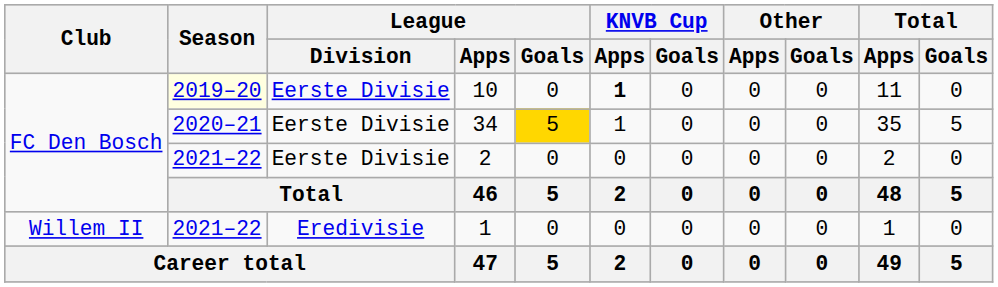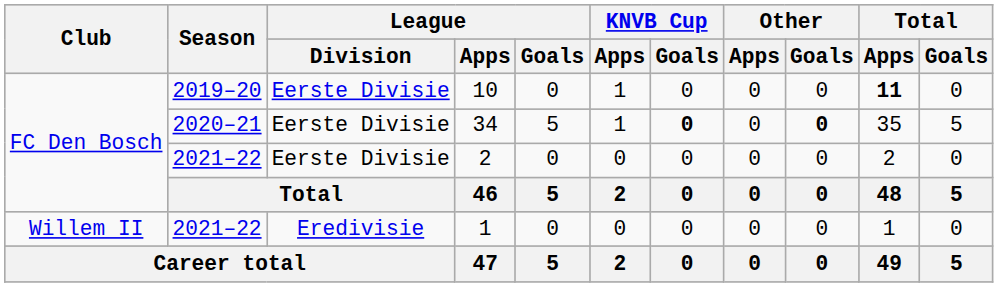 <table class="wikitable" style="text-align: center">
 <tr>
 <th rowspan="2">Club</th>
 <th rowspan="2">Season</th>
 <th colspan="3">League</th>
 <th colspan="2"><a href='#'>KNVB Cup</a></th>
 <th colspan="2">Other</th>
 <th colspan="2">Total</th>
 </tr>
 <tr>
 <th>Division</th>
 <th>Apps</th>
 <th>Goals</th>
 <th>Apps</th>
 <th>Goals</th>
 <th>Apps</th>
 <th>Goals</th>
 <th>Apps</th>
 <th>Goals</th>
 </tr>
 <tr>
 <td rowspan="4"><a href='#'>FC Den Bosch</a></td>
-<td style="background: lightyellow;"><a href='#'>2019–20</a></td>
+<td><a href='#'>2019–20</a></td>
 <td><a href='#'>Eerste Divisie</a></td>
 <td>10</td>
 <td>0</td>
-<td><strong>1</strong></td>
+<td>1</td>
 <td>0</td>
 <td>0</td>
 <td>0</td>
-<td>11</td>
+<td><strong>11</strong></td>
 <td>0</td>
 </tr>
 <tr>
 <td><a href='#'>2020–21</a></td>
 <td>Eerste Divisie</td>
 <td>34</td>
-<td style="background: gold;">5</td>
+<td>5</td>
 <td>1</td>
+<td><strong>0</strong></td>
 <td>0</td>
-<td>0</td>
-<td>0</td>
+<td><strong>0</strong></td>
 <td>35</td>
 <td>5</td>
 </tr>
 <tr>
 <td><a href='#'>2021–22</a></td>
 <td>Eerste Divisie</td>
 <td>2</td>
 <td>0</td>
 <td>0</td>
 <td>0</td>
 <td>0</td>
 <td>0</td>
 <td>2</td>
 <td>0</td>
 </tr>
 <tr>
 <th colspan="2">Total</th>
 <th>46</th>
 <th>5</th>
 <th>2</th>
 <th>0</th>
 <th>0</th>
 <th>0</th>
 <th>48</th>
 <th>5</th>
 </tr>
 <tr>
 <td><a href='#'>Willem II</a></td>
 <td><a href='#'>2021–22</a></td>
 <td><a href='#'>Eredivisie</a></td>
 <td>1</td>
 <td>0</td>
 <td>0</td>
 <td>0</td>
 <td>0</td>
 <td>0</td>
 <td>1</td>
 <td>0</td>
 </tr>
 <tr>
 <th colspan="3">Career total</th>
 <th>47</th>
 <th>5</th>
 <th>2</th>
 <th>0</th>
 <th>0</th>
 <th>0</th>
 <th>49</th>
 <th>5</th>
 </tr>
 </table>
